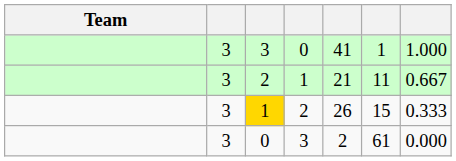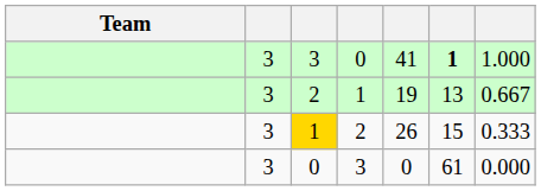 <table class="wikitable" style="text-align: center; font-size:95% ">
 <tr>
 <th width=160>Team</th>
 <th width=25></th>
 <th width=25></th>
 <th width=25></th>
 <th width=25></th>
 <th width=25></th>
 <th width=35></th>
 </tr>
 <tr bgcolor=ccffcc>
 <td align=left></td>
 <td>3</td>
 <td>3</td>
 <td>0</td>
 <td>41</td>
-<td>1</td>
+<td><strong>1</strong></td>
 <td>1.000</td>
 </tr>
 <tr bgcolor=ccffcc>
 <td align=left></td>
 <td>3</td>
 <td>2</td>
 <td>1</td>
-<td>21</td>
-<td>11</td>
+<td>19</td>
+<td>13</td>
 <td>0.667</td>
 </tr>
 <tr>
 <td align=left></td>
 <td>3</td>
 <td style="background: gold;">1</td>
 <td>2</td>
 <td>26</td>
 <td>15</td>
 <td>0.333</td>
 </tr>
 <tr>
 <td align=left></td>
 <td>3</td>
 <td>0</td>
 <td>3</td>
-<td>2</td>
+<td>0</td>
 <td>61</td>
 <td>0.000</td>
 </tr>
 </table>
